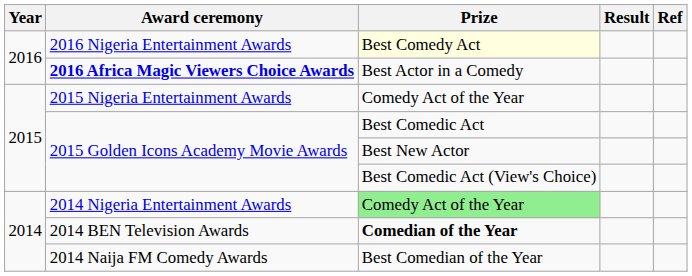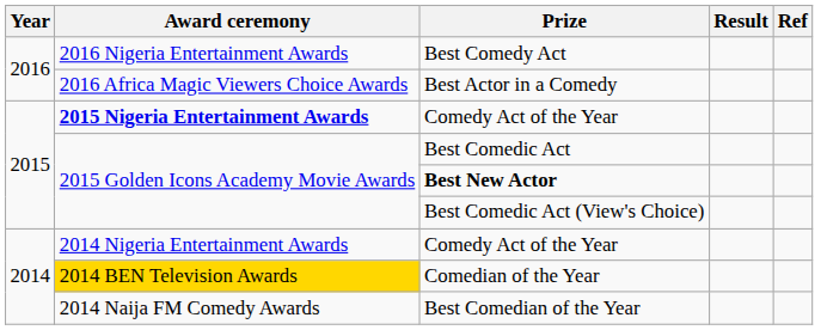 <table class ="wikitable">
 <tr>
 <th>Year</th>
 <th>Award ceremony</th>
 <th>Prize</th>
 <th>Result</th>
 <th>Ref</th>
 </tr>
 <tr>
 <td rowspan="2">2016</td>
 <td><a href='#'>2016 Nigeria Entertainment Awards</a></td>
-<td style="background: lightyellow;">Best Comedy Act</td>
+<td>Best Comedy Act</td>
 <td></td>
 <td></td>
 </tr>
 <tr>
-<td><strong><a href='#'>2016 Africa Magic Viewers Choice Awards</a></strong></td>
+<td><a href='#'>2016 Africa Magic Viewers Choice Awards</a></td>
 <td>Best Actor in a Comedy</td>
 <td></td>
 <td></td>
 </tr>
 <tr>
 <td rowspan="4">2015</td>
-<td><a href='#'>2015 Nigeria Entertainment Awards</a></td>
+<td><strong><a href='#'>2015 Nigeria Entertainment Awards</a></strong></td>
 <td>Comedy Act of the Year</td>
 <td></td>
 <td></td>
 </tr>
 <tr>
 <td rowspan="3"><a href='#'>2015 Golden Icons Academy Movie Awards</a></td>
 <td>Best Comedic Act</td>
 <td></td>
 <td></td>
 </tr>
 <tr>
-<td>Best New Actor</td>
+<td><strong>Best New Actor</strong></td>
 <td></td>
 <td></td>
 </tr>
 <tr>
 <td>Best Comedic Act (View's Choice)</td>
 <td></td>
 <td></td>
 </tr>
 <tr>
 <td rowspan="3">2014</td>
 <td><a href='#'>2014 Nigeria Entertainment Awards</a></td>
-<td style="background: lightgreen;">Comedy Act of the Year</td>
+<td>Comedy Act of the Year</td>
 <td></td>
 <td></td>
 </tr>
 <tr>
-<td>2014 BEN Television Awards</td>
-<td><strong>Comedian of the Year</strong></td>
+<td style="background: gold;">2014 BEN Television Awards</td>
+<td>Comedian of the Year</td>
 <td></td>
 <td></td>
 </tr>
 <tr>
 <td>2014 Naija FM Comedy Awards</td>
 <td>Best Comedian of the Year</td>
 <td></td>
 <td></td>
 </tr>
 </table>
